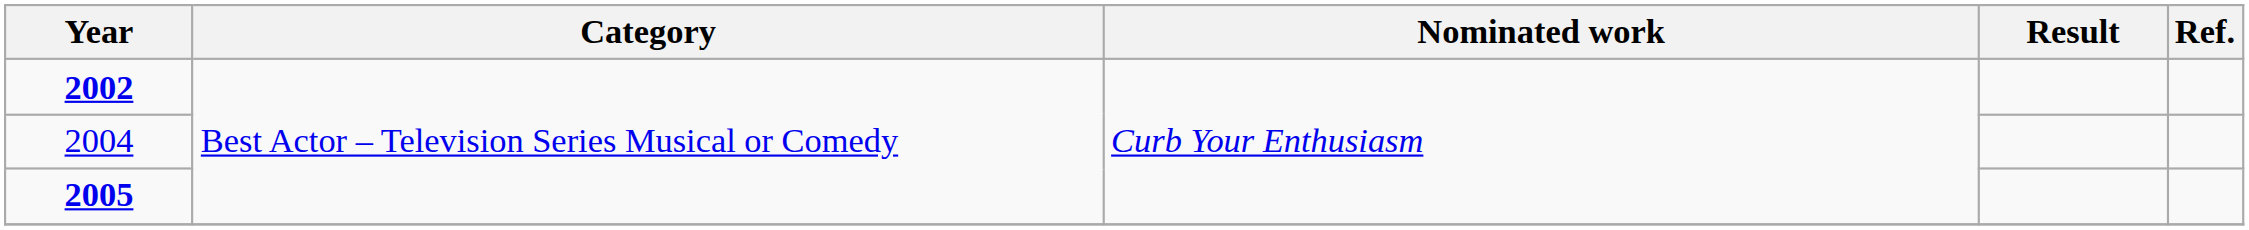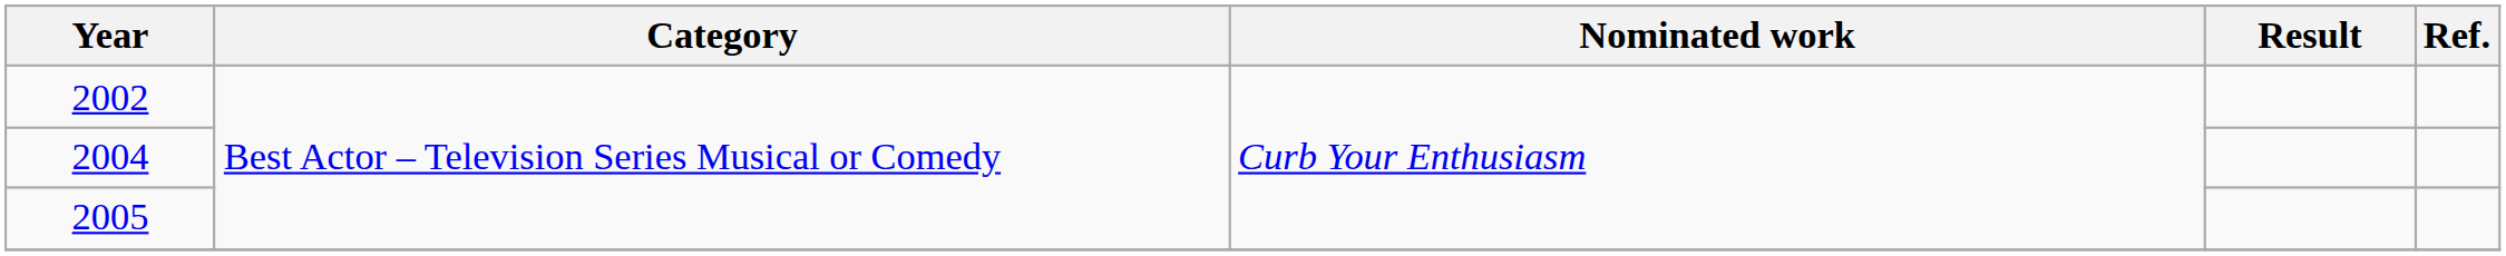 <table class=wikitable>
 <tr>
 <th scope="col" style="width:5em;">Year</th>
 <th scope="col" style="width:26em;">Category</th>
 <th scope="col" style="width:25em;">Nominated work</th>
 <th scope="col" style="width:5em;">Result</th>
 <th>Ref.</th>
 </tr>
 <tr>
-<td style="text-align:center;"><strong><a href='#'>2002</a></strong></td>
+<td style="text-align:center;"><a href='#'>2002</a></td>
 <td rowspan=3><a href='#'>Best Actor – Television Series Musical or Comedy</a></td>
 <td rowspan=3><em><a href='#'>Curb Your Enthusiasm</a></em></td>
 <td></td>
 <td></td>
 </tr>
 <tr>
 <td style="text-align:center;"><a href='#'>2004</a></td>
 <td></td>
 <td></td>
 </tr>
 <tr>
-<td style="text-align:center;"><strong><a href='#'>2005</a></strong></td>
+<td style="text-align:center;"><a href='#'>2005</a></td>
 <td></td>
 <td></td>
 </tr>
 <tr>
 </tr>
 </table>
